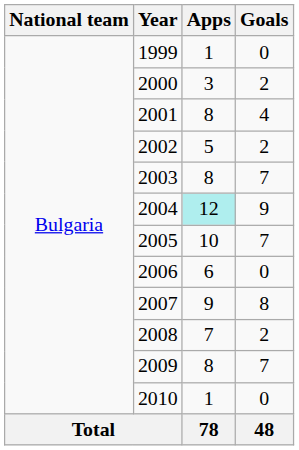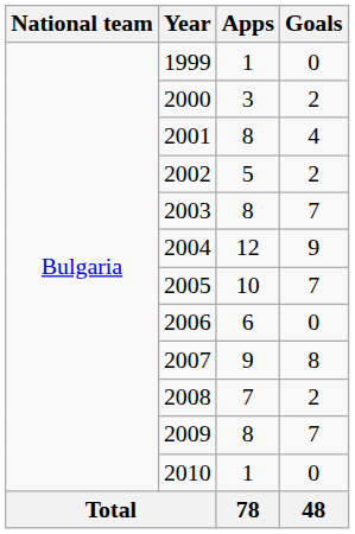 <table class="wikitable" style="text-align:center">
 <tr>
 <th>National team</th>
 <th>Year</th>
 <th>Apps</th>
 <th>Goals</th>
 </tr>
 <tr>
 <td rowspan="12"><a href='#'>Bulgaria</a></td>
 <td>1999</td>
 <td>1</td>
 <td>0</td>
 </tr>
 <tr>
 <td>2000</td>
 <td>3</td>
 <td>2</td>
 </tr>
 <tr>
 <td>2001</td>
 <td>8</td>
 <td>4</td>
 </tr>
 <tr>
 <td>2002</td>
 <td>5</td>
 <td>2</td>
 </tr>
 <tr>
 <td>2003</td>
 <td>8</td>
 <td>7</td>
 </tr>
 <tr>
 <td>2004</td>
-<td style="background: paleturquoise;">12</td>
+<td>12</td>
 <td>9</td>
 </tr>
 <tr>
 <td>2005</td>
 <td>10</td>
 <td>7</td>
 </tr>
 <tr>
 <td>2006</td>
 <td>6</td>
 <td>0</td>
 </tr>
 <tr>
 <td>2007</td>
 <td>9</td>
 <td>8</td>
 </tr>
 <tr>
 <td>2008</td>
 <td>7</td>
 <td>2</td>
 </tr>
 <tr>
 <td>2009</td>
 <td>8</td>
 <td>7</td>
 </tr>
 <tr>
 <td>2010</td>
 <td>1</td>
 <td>0</td>
 </tr>
 <tr>
 <th colspan="2">Total</th>
 <th>78</th>
 <th>48</th>
 </tr>
 </table>
